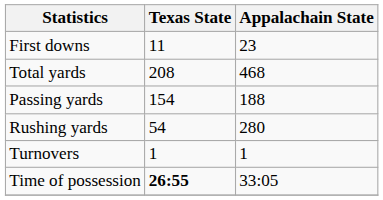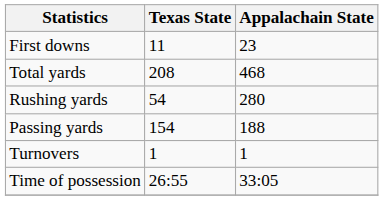 <table class="wikitable" style="float: right;">
 <tr>
 <th>Statistics</th>
 <th>Texas State</th>
 <th>Appalachain State</th>
 </tr>
 <tr>
 <td>First downs</td>
 <td>11</td>
 <td>23</td>
 </tr>
 <tr>
 <td>Total yards</td>
 <td>208</td>
 <td>468</td>
 </tr>
 <tr>
+<td>Rushing yards</td>
+<td>54</td>
+<td>280</td>
+</tr>
+<tr>
 <td>Passing yards</td>
 <td>154</td>
 <td>188</td>
-</tr>
-<tr>
-<td>Rushing yards</td>
-<td>54</td>
-<td>280</td>
 </tr>
 <tr>
 <td>Turnovers</td>
 <td>1</td>
 <td>1</td>
 </tr>
 <tr>
 <td>Time of possession</td>
-<td><strong>26:55</strong></td>
+<td>26:55</td>
 <td>33:05</td>
 </tr>
 <tr>
 </tr>
 </table>
